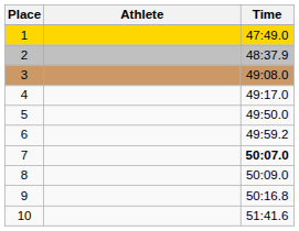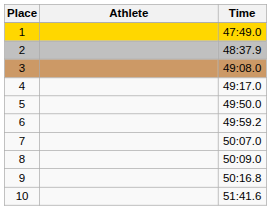 <table class=wikitable style="text-align:center">
 <tr>
 <th width=20>Place</th>
 <th width=240>Athlete</th>
 <th width=60>Time</th>
 </tr>
 <tr>
 </tr>
 <tr bgcolor=gold>
 <td>1</td>
 <td align=left></td>
 <td>47:49.0</td>
 </tr>
 <tr bgcolor=silver>
 <td>2</td>
 <td align=left></td>
 <td>48:37.9</td>
 </tr>
 <tr bgcolor=cc9966>
 <td>3</td>
 <td align=left></td>
 <td>49:08.0</td>
 </tr>
 <tr>
 <td>4</td>
 <td align=left></td>
 <td>49:17.0</td>
 </tr>
 <tr>
 <td>5</td>
 <td align=left></td>
 <td>49:50.0</td>
 </tr>
 <tr>
 <td>6</td>
 <td align=left></td>
 <td>49:59.2</td>
 </tr>
 <tr>
 <td>7</td>
 <td align=left></td>
-<td><strong>50:07.0</strong></td>
+<td>50:07.0</td>
 </tr>
 <tr>
 <td>8</td>
 <td align=left></td>
 <td>50:09.0</td>
 </tr>
 <tr>
 <td>9</td>
 <td align=left></td>
 <td>50:16.8</td>
 </tr>
 <tr>
 <td>10</td>
 <td align=left></td>
 <td>51:41.6</td>
 </tr>
 </table>
